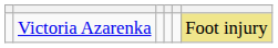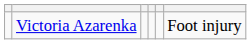 <table class="wikitable sortable">
 <tr>
 <th></th>
 <th></th>
 <th></th>
 <th></th>
 <th></th>
 <th></th>
 </tr>
 <tr>
 <td></td>
 <td> <a href='#'>Victoria Azarenka</a></td>
 <td></td>
 <td></td>
 <td></td>
-<td style="background: khaki;">Foot injury</td>
+<td>Foot injury</td>
 </tr>
 </table>
